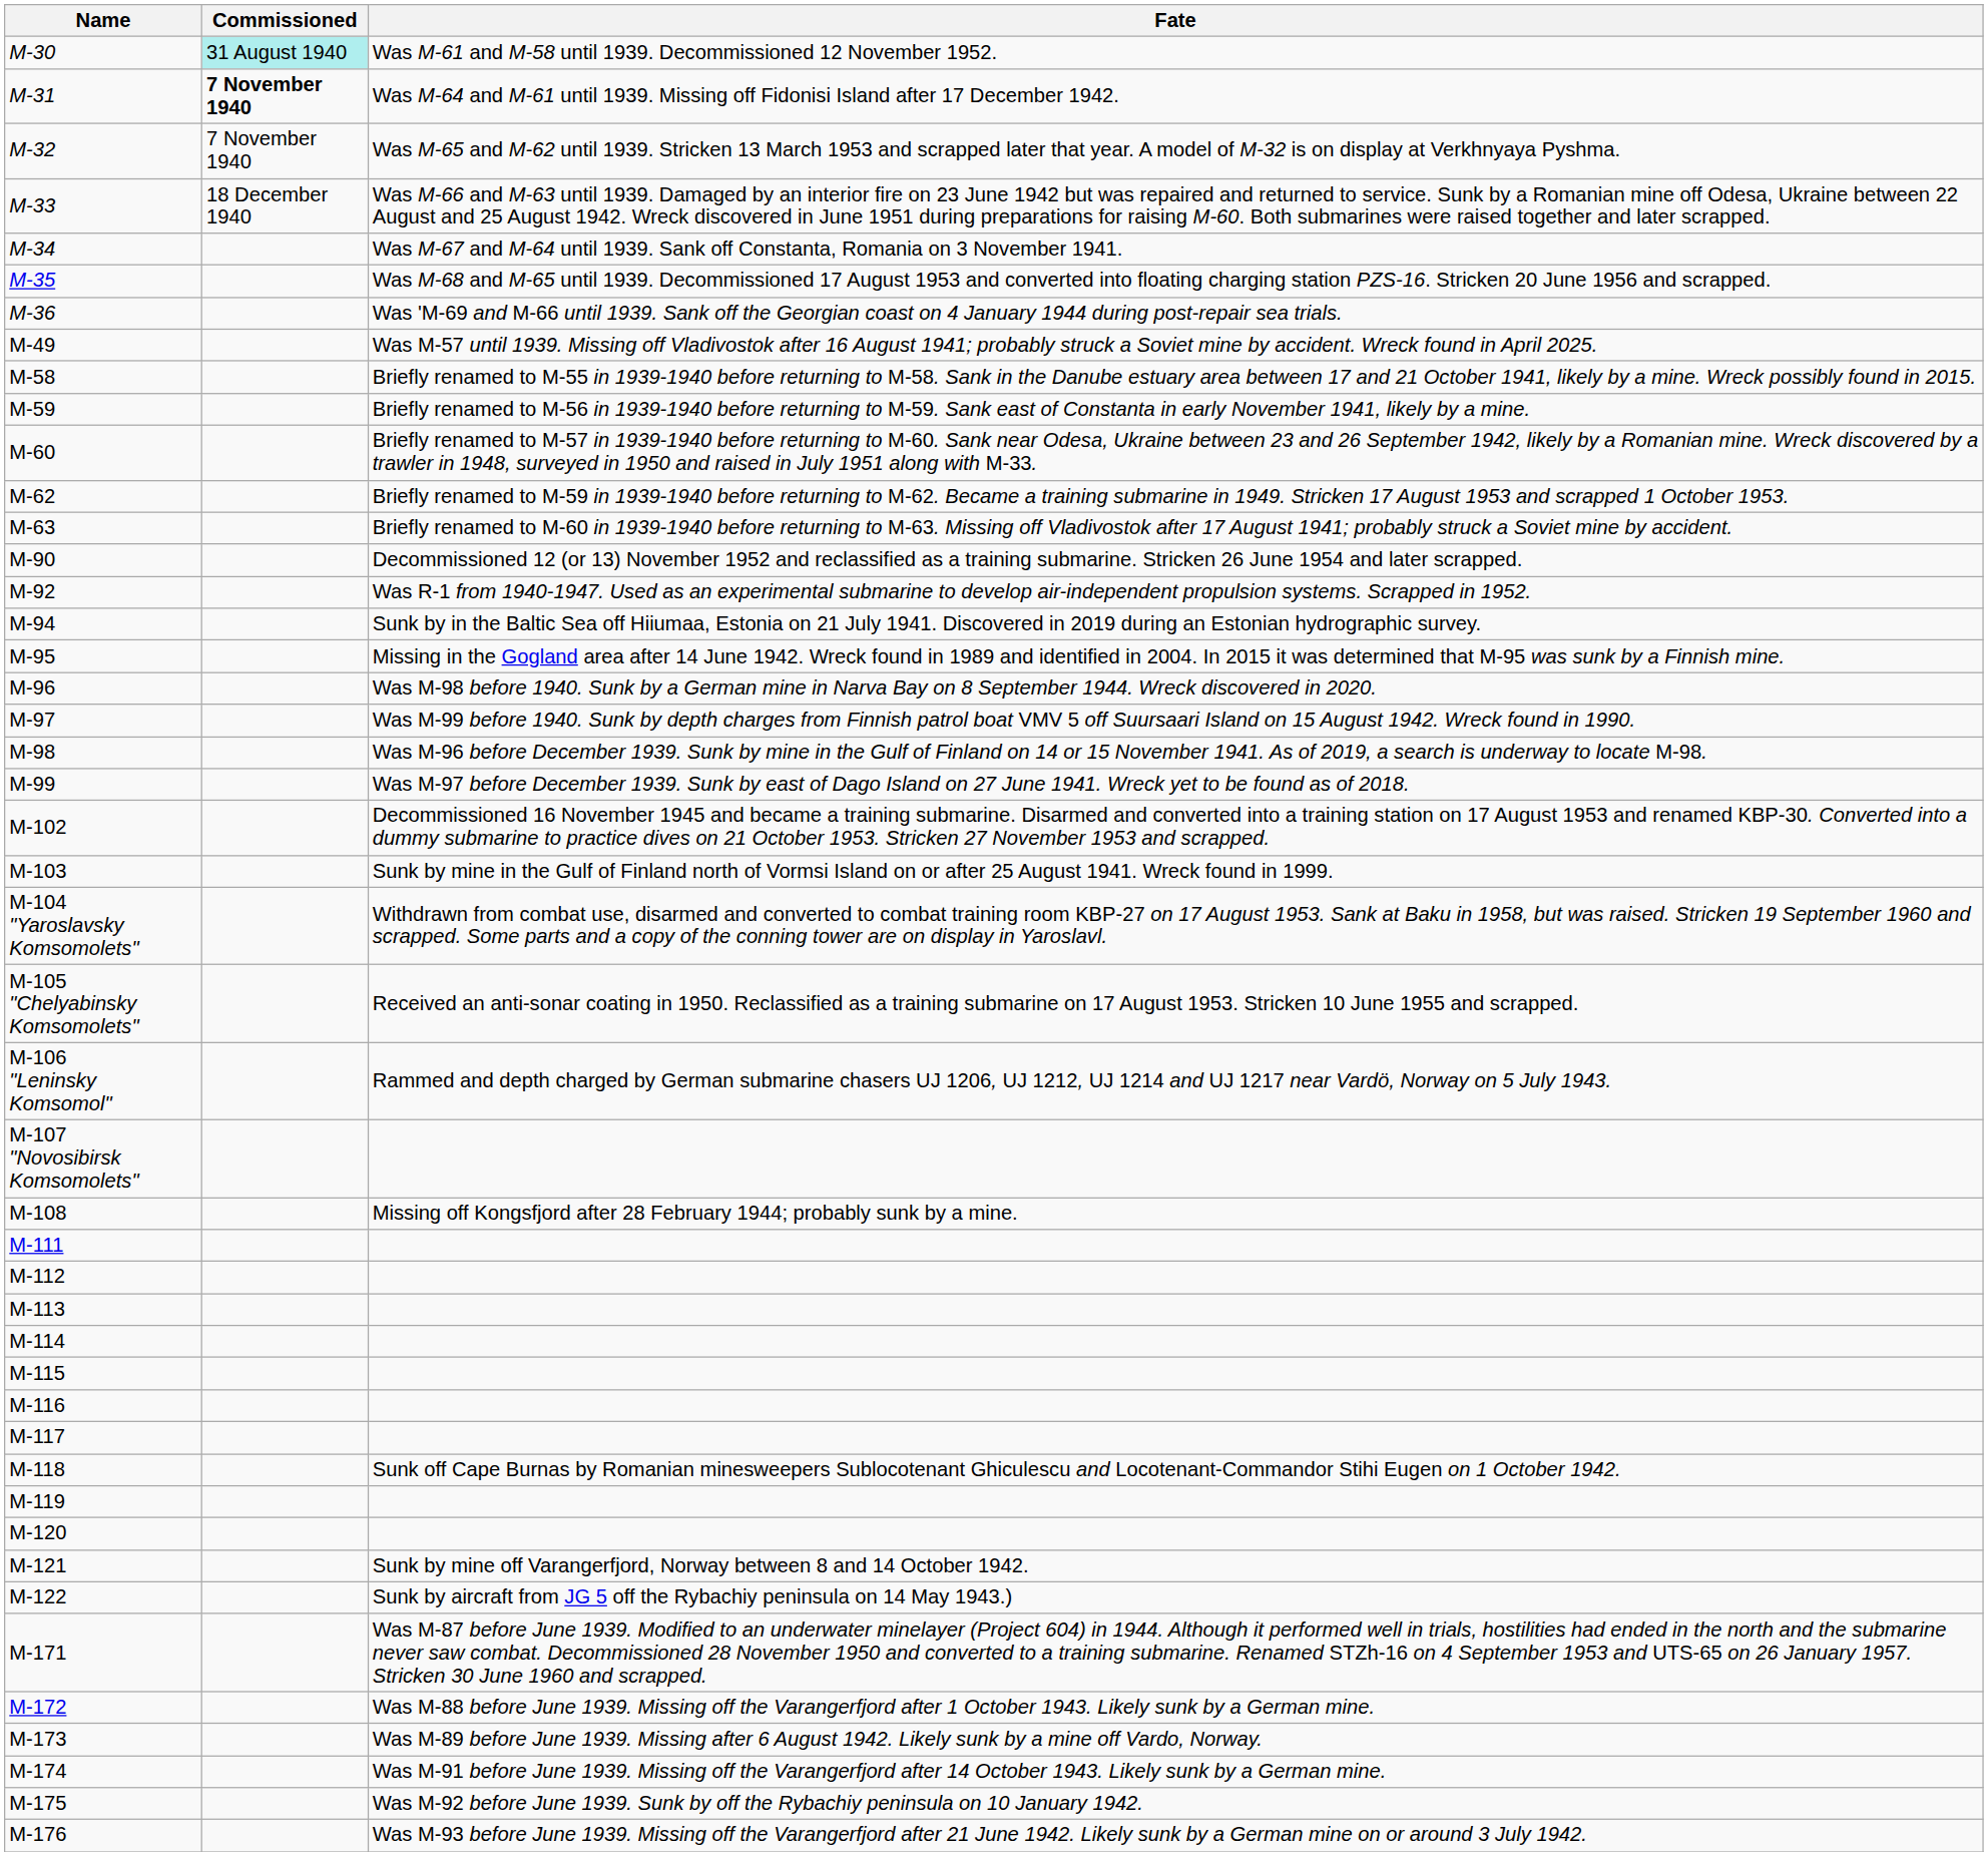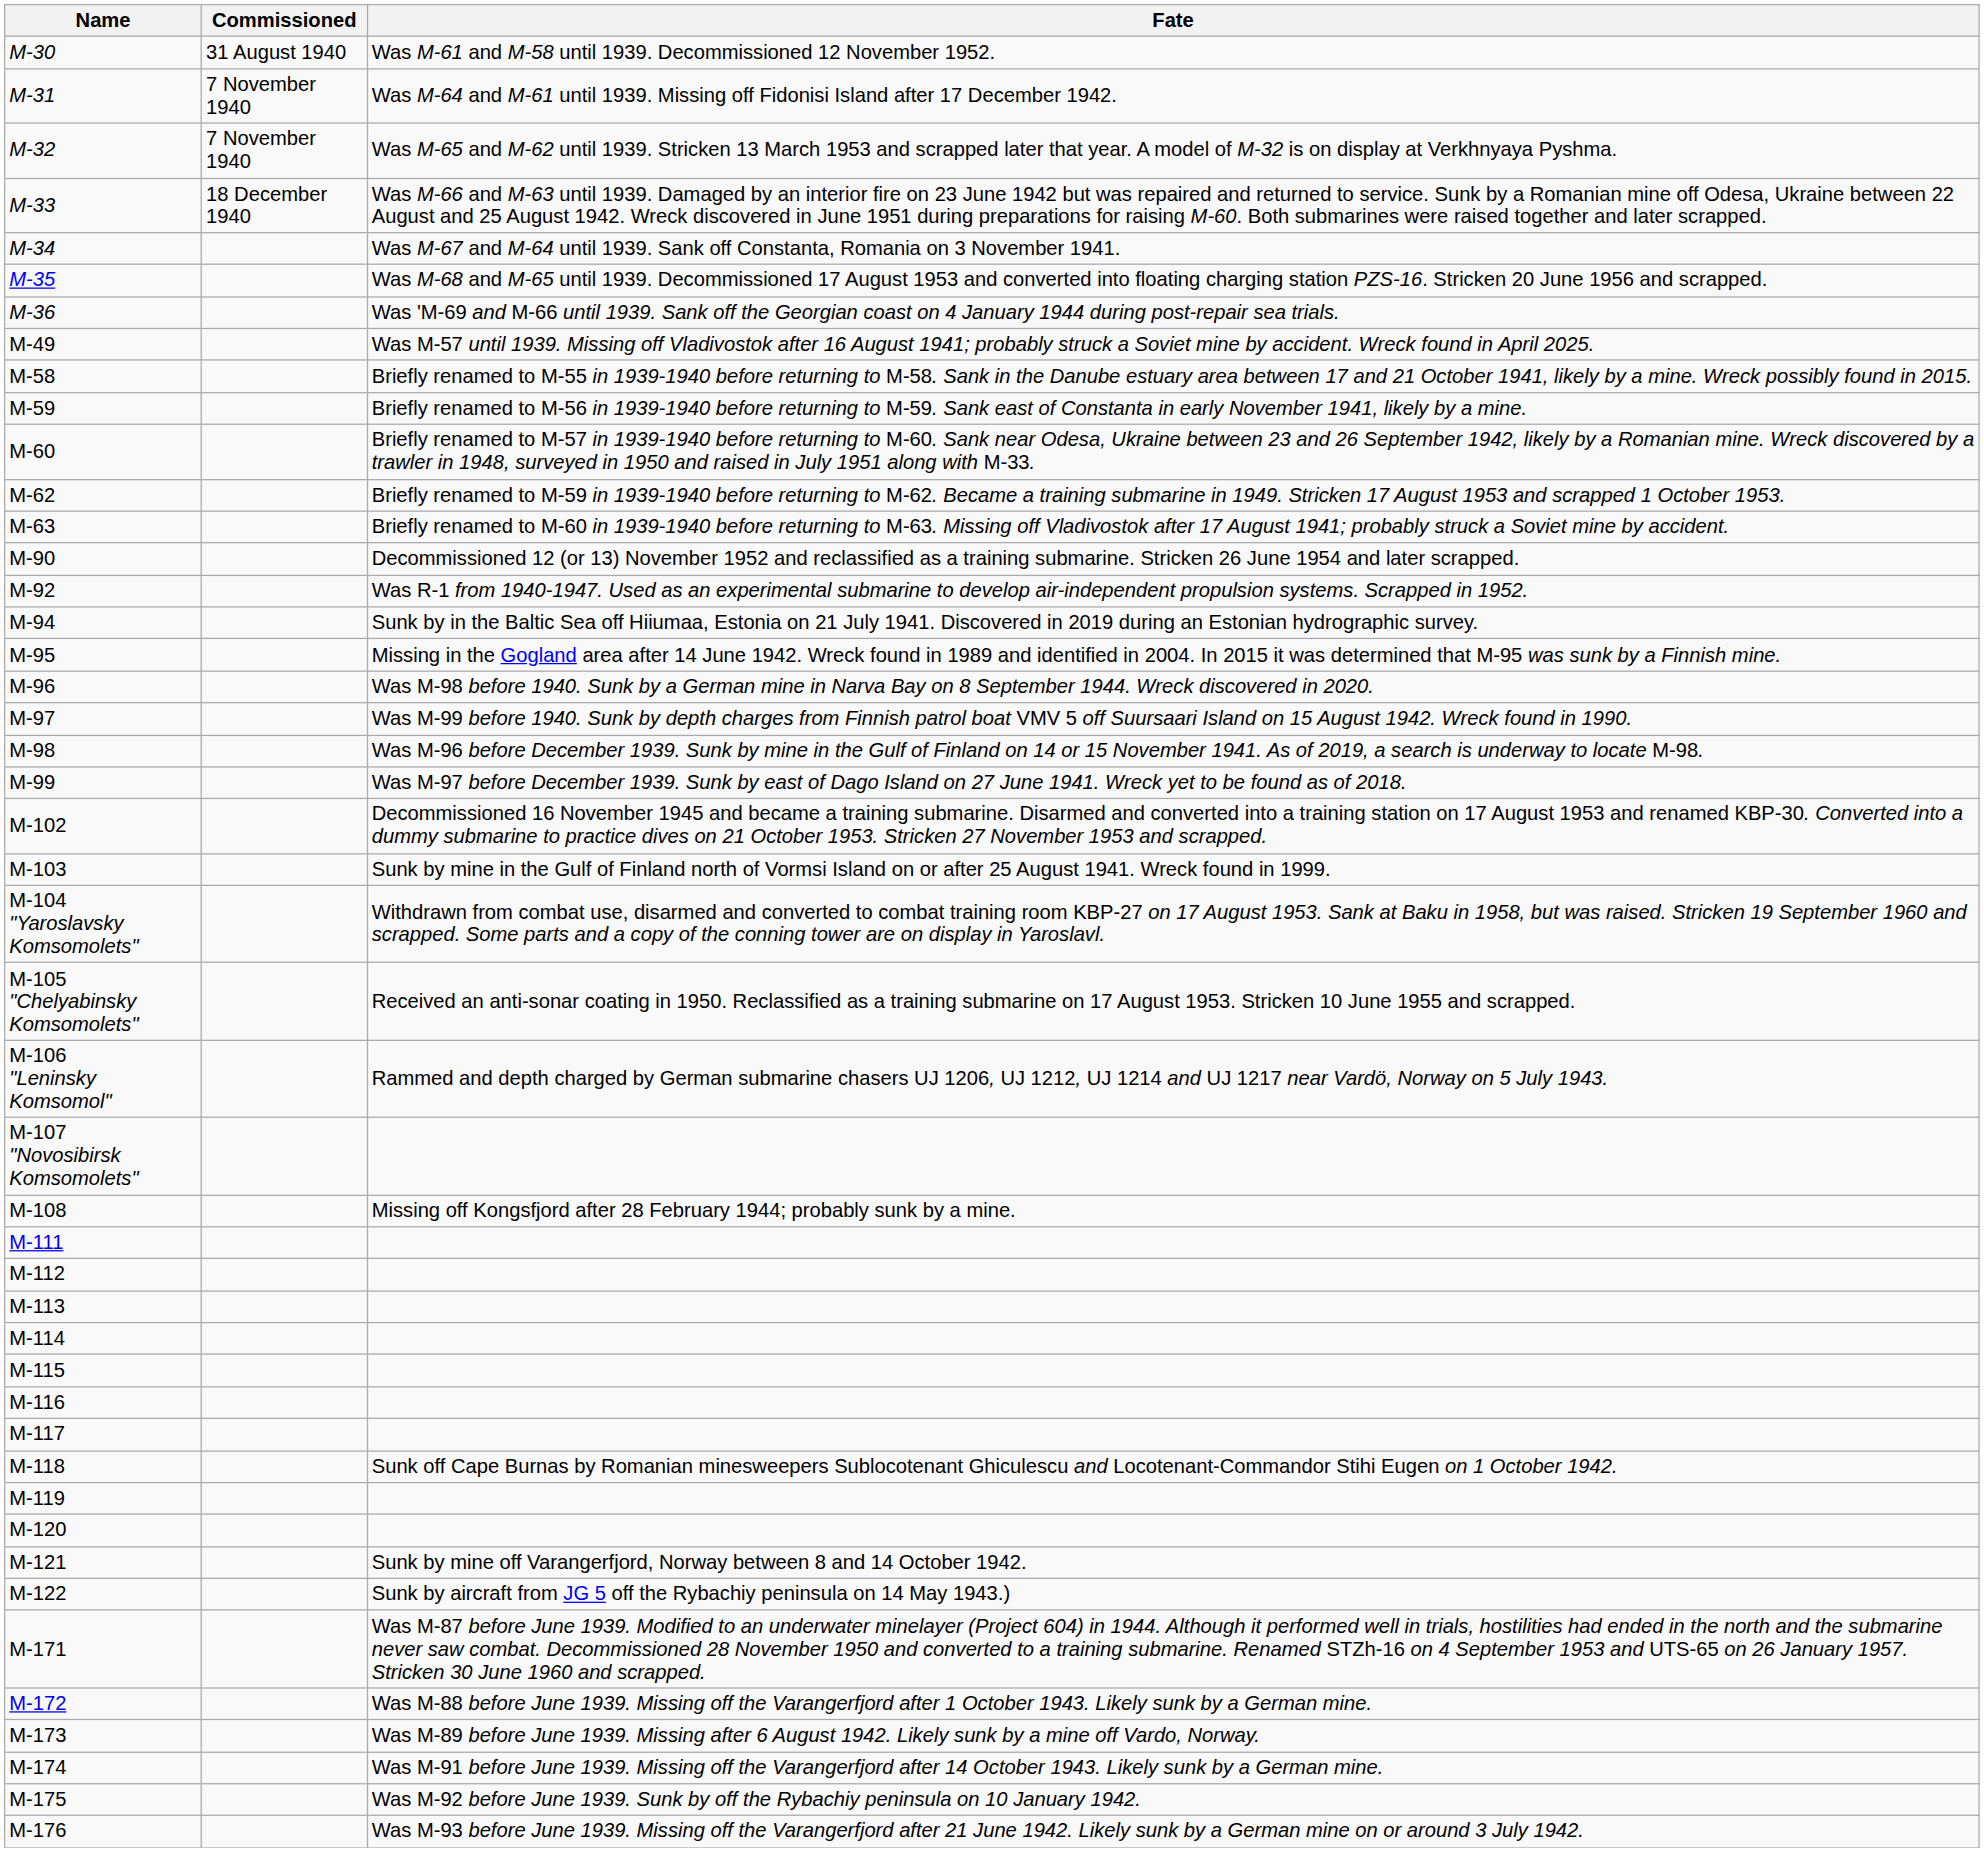 <table class="wikitable">
 <tr>
 <th>Name</th>
 <th>Commissioned</th>
 <th>Fate</th>
 </tr>
 <tr>
 <td><em>M-30</em></td>
-<td style="background: paleturquoise;">31 August 1940</td>
+<td>31 August 1940</td>
 <td>Was <em>M-61</em> and <em>M-58</em> until 1939. Decommissioned 12 November 1952.</td>
 </tr>
 <tr>
 <td><em>M-31</em></td>
-<td><strong>7 November 1940</strong></td>
+<td>7 November 1940</td>
 <td>Was <em>M-64</em> and <em>M-61</em> until 1939. Missing off Fidonisi Island after 17 December 1942.</td>
 </tr>
 <tr>
 <td><em>M-32</em></td>
 <td>7 November 1940</td>
 <td>Was <em>M-65</em> and <em>M-62</em> until 1939. Stricken 13 March 1953 and scrapped later that year. A model of <em>M-32</em> is on display at Verkhnyaya Pyshma.</td>
 </tr>
 <tr>
 <td><em>M-33</em></td>
 <td>18 December 1940</td>
 <td>Was <em>M-66</em> and <em>M-63</em> until 1939. Damaged by an interior fire on 23 June 1942 but was repaired and returned to service. Sunk by a Romanian mine off Odesa, Ukraine between 22 August and 25 August 1942. Wreck discovered in June 1951 during preparations for raising <em>M-60</em>. Both submarines were raised together and later scrapped.</td>
 </tr>
 <tr>
 <td><em>M-34</em></td>
 <td></td>
 <td>Was <em>M-67</em> and <em>M-64</em> until 1939. Sank off Constanta, Romania on 3 November 1941.</td>
 </tr>
 <tr>
 <td><em><a href='#'>M-35</a></em></td>
 <td></td>
 <td>Was <em>M-68</em> and <em>M-65</em> until 1939. Decommissioned 17 August 1953 and converted into floating charging station <em>PZS-16</em>. Stricken 20 June 1956 and scrapped.</td>
 </tr>
 <tr>
 <td><em>M-36</em></td>
 <td></td>
 <td>Was 'M-69<em> and </em>M-66<em> until 1939. Sank off the Georgian coast on 4 January 1944 during post-repair sea trials.</td>
 </tr>
 <tr>
 <td></em>M-49<em></td>
 <td></td>
 <td>Was </em>M-57<em> until 1939. Missing off Vladivostok after 16 August 1941; probably struck a Soviet mine by accident. Wreck found in April 2025.</td>
 </tr>
 <tr>
 <td></em>M-58<em></td>
 <td></td>
 <td>Briefly renamed to </em>M-55<em> in 1939-1940 before returning to </em>M-58<em>. Sank in the Danube estuary area between 17 and 21 October 1941, likely by a mine. Wreck possibly found in 2015.</td>
 </tr>
 <tr>
 <td></em>M-59<em></td>
 <td></td>
 <td>Briefly renamed to </em>M-56<em> in 1939-1940 before returning to </em>M-59<em>. Sank east of Constanta in early November 1941, likely by a mine.</td>
 </tr>
 <tr>
 <td></em>M-60<em></td>
 <td></td>
 <td>Briefly renamed to </em>M-57<em> in 1939-1940 before returning to </em>M-60<em>. Sank near Odesa, Ukraine between 23 and 26 September 1942, likely by a Romanian mine. Wreck discovered by a trawler in 1948, surveyed in 1950 and raised in July 1951 along with </em>M-33<em>.</td>
 </tr>
 <tr>
 <td></em>M-62<em></td>
 <td></td>
 <td>Briefly renamed to </em>M-59<em> in 1939-1940 before returning to </em>M-62<em>. Became a training submarine in 1949. Stricken 17 August 1953 and scrapped 1 October 1953.</td>
 </tr>
 <tr>
 <td></em>M-63<em></td>
 <td></td>
 <td>Briefly renamed to </em>M-60<em> in 1939-1940 before returning to </em>M-63<em>. Missing off Vladivostok after 17 August 1941; probably struck a Soviet mine by accident.</td>
 </tr>
 <tr>
 <td></em>M-90<em></td>
 <td></td>
 <td>Decommissioned 12 (or 13) November 1952 and reclassified as a training submarine. Stricken 26 June 1954 and later scrapped.</td>
 </tr>
 <tr>
 <td></em>M-92<em></td>
 <td></td>
 <td>Was </em>R-1<em> from 1940-1947. Used as an experimental submarine to develop air-independent propulsion systems. Scrapped in 1952.</td>
 </tr>
 <tr>
 <td></em>M-94<em></td>
 <td></td>
 <td>Sunk by  in the Baltic Sea off Hiiumaa, Estonia on 21 July 1941. Discovered in 2019 during an Estonian hydrographic survey.</td>
 </tr>
 <tr>
 <td></em>M-95<em></td>
 <td></td>
 <td>Missing in the <a href='#'>Gogland</a> area after 14 June 1942. Wreck found in 1989 and identified in 2004. In 2015 it was determined that </em>M-95<em> was sunk by a Finnish mine.</td>
 </tr>
 <tr>
 <td></em>M-96<em></td>
 <td></td>
 <td>Was </em>M-98<em> before 1940. Sunk by a German mine in Narva Bay on 8 September 1944. Wreck discovered in 2020.</td>
 </tr>
 <tr>
 <td></em>M-97<em></td>
 <td></td>
 <td>Was </em>M-99<em> before 1940. Sunk by depth charges from Finnish patrol boat </em>VMV 5<em> off Suursaari Island on 15 August 1942. Wreck found in 1990.</td>
 </tr>
 <tr>
 <td></em>M-98<em></td>
 <td></td>
 <td>Was </em>M-96<em> before December 1939. Sunk by mine in the Gulf of Finland on 14 or 15 November 1941. As of 2019, a search is underway to locate </em>M-98<em>.</td>
 </tr>
 <tr>
 <td></em>M-99<em></td>
 <td></td>
 <td>Was </em>M-97<em> before December 1939. Sunk by  east of Dago Island on 27 June 1941. Wreck yet to be found as of 2018.</td>
 </tr>
 <tr>
 <td></em>M-102<em></td>
 <td></td>
 <td>Decommissioned 16 November 1945 and became a training submarine. Disarmed and converted into a training station on 17 August 1953 and renamed </em>KBP-30<em>. Converted into a dummy submarine to practice dives on 21 October 1953. Stricken 27 November 1953 and scrapped.</td>
 </tr>
 <tr>
 <td></em>M-103<em></td>
 <td></td>
 <td>Sunk by mine in the Gulf of Finland north of Vormsi Island on or after 25 August 1941. Wreck found in 1999.</td>
 </tr>
 <tr>
 <td></em>M-104<em><br>"Yaroslavsky Komsomolets"</td>
 <td></td>
 <td>Withdrawn from combat use, disarmed and converted to combat training room </em>KBP-27<em> on 17 August 1953. Sank at Baku in 1958, but was raised. Stricken 19 September 1960 and scrapped. Some parts and a copy of the conning tower are on display in Yaroslavl.</td>
 </tr>
 <tr>
 <td></em>M-105<em><br>"Chelyabinsky Komsomolets"</td>
 <td></td>
 <td>Received an anti-sonar coating in 1950. Reclassified as a training submarine on 17 August 1953. Stricken 10 June 1955 and scrapped.</td>
 </tr>
 <tr>
 <td></em>M-106<em><br>"Leninsky Komsomol"</td>
 <td></td>
 <td>Rammed and depth charged by German submarine chasers </em>UJ 1206<em>, </em>UJ 1212<em>, </em>UJ 1214<em> and </em>UJ 1217<em> near Vardö, Norway on 5 July 1943.</td>
 </tr>
 <tr>
 <td></em>M-107<em><br>"Novosibirsk Komsomolets"</td>
 <td></td>
 <td></td>
 </tr>
 <tr>
 <td></em>M-108<em></td>
 <td></td>
 <td>Missing off Kongsfjord after 28 February 1944; probably sunk by a mine.</td>
 </tr>
 <tr>
 <td></em><a href='#'>M-111</a><em></td>
 <td></td>
 <td></td>
 </tr>
 <tr>
 <td></em>M-112<em></td>
 <td></td>
 <td></td>
 </tr>
 <tr>
 <td></em>M-113<em></td>
 <td></td>
 <td></td>
 </tr>
 <tr>
 <td></em>M-114<em></td>
 <td></td>
 <td></td>
 </tr>
 <tr>
 <td></em>M-115<em></td>
 <td></td>
 <td></td>
 </tr>
 <tr>
 <td></em>M-116<em></td>
 <td></td>
 <td></td>
 </tr>
 <tr>
 <td></em>M-117<em></td>
 <td></td>
 <td></td>
 </tr>
 <tr>
 <td></em>M-118<em></td>
 <td></td>
 <td>Sunk off Cape Burnas by Romanian minesweepers </em>Sublocotenant Ghiculescu<em> and </em>Locotenant-Commandor Stihi Eugen<em> on 1 October 1942.</td>
 </tr>
 <tr>
 <td></em>M-119<em></td>
 <td></td>
 <td></td>
 </tr>
 <tr>
 <td></em>M-120<em></td>
 <td></td>
 <td></td>
 </tr>
 <tr>
 <td></em>M-121<em></td>
 <td></td>
 <td>Sunk by mine off Varangerfjord, Norway between 8 and 14 October 1942.</td>
 </tr>
 <tr>
 <td></em>M-122<em></td>
 <td></td>
 <td>Sunk by aircraft from <a href='#'>JG 5</a> off the Rybachiy peninsula on 14 May 1943.)</td>
 </tr>
 <tr>
 <td></em>M-171<em></td>
 <td></td>
 <td>Was </em>M-87<em> before June 1939. Modified to an underwater minelayer (Project 604) in 1944. Although it performed well in trials, hostilities had ended in the north and the submarine never saw combat. Decommissioned 28 November 1950 and converted to a training submarine. Renamed </em>STZh-16<em> on 4 September 1953 and </em>UTS-65<em> on 26 January 1957. Stricken 30 June 1960 and scrapped.</td>
 </tr>
 <tr>
 <td></em><a href='#'>M-172</a><em></td>
 <td></td>
 <td>Was </em>M-88<em> before June 1939. Missing off the Varangerfjord after 1 October 1943. Likely sunk by a German mine.</td>
 </tr>
 <tr>
 <td></em>M-173<em></td>
 <td></td>
 <td>Was </em>M-89<em> before June 1939. Missing after 6 August 1942. Likely sunk by a mine off Vardo, Norway.</td>
 </tr>
 <tr>
 <td></em>M-174<em></td>
 <td></td>
 <td>Was </em>M-91<em> before June 1939. Missing off the Varangerfjord after 14 October 1943. Likely sunk by a German mine.</td>
 </tr>
 <tr>
 <td></em>M-175<em></td>
 <td></td>
 <td>Was </em>M-92<em> before June 1939. Sunk by  off the Rybachiy peninsula on 10 January 1942.</td>
 </tr>
 <tr>
 <td></em>M-176<em></td>
 <td></td>
 <td>Was </em>M-93<em> before June 1939. Missing off the Varangerfjord after 21 June 1942. Likely sunk by a German mine on or around 3 July 1942.</td>
 </tr>
 </table>
